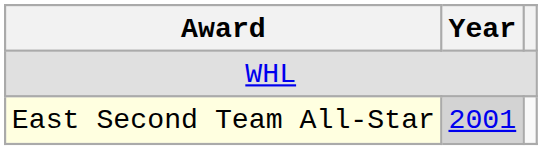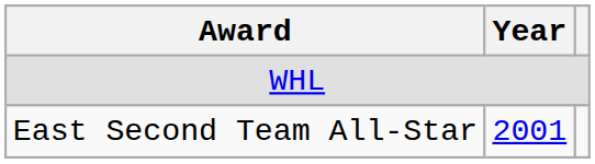 <table class="wikitable">
 <tr>
 <th>Award</th>
 <th>Year</th>
 <th></th>
 </tr>
 <tr ALIGN="center" bgcolor="#e0e0e0">
 <td colspan="3"><a href='#'>WHL</a></td>
 </tr>
 <tr>
-<td style="background: lightyellow;">East Second Team All-Star</td>
-<td style="background: lightgrey;"><a href='#'>2001</a></td>
+<td>East Second Team All-Star</td>
+<td><a href='#'>2001</a></td>
 <td></td>
 </tr>
 </table>
